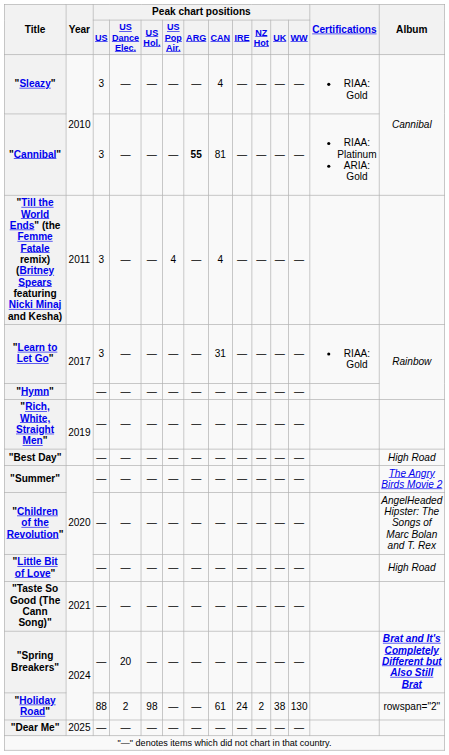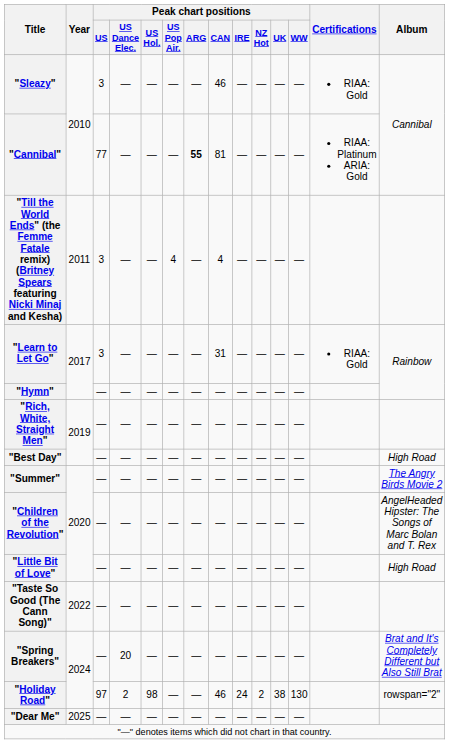 <table class="wikitable plainrowheaders" style="text-align:center;">
 <tr>
 <th scope="col" rowspan="2" style="width:16em;">Title</th>
 <th scope="col" rowspan="2">Year</th>
 <th scope="col" colspan="10">Peak chart positions</th>
 <th scope="col" rowspan="2" style="width:12em;"><a href='#'>Certifications</a></th>
 <th scope="col" rowspan="2">Album</th>
 </tr>
 <tr>
 <th scope="col" style="width:2.5em;font-size:90%;"><a href='#'>US</a><br></th>
 <th scope="col" style="width:2.5em;font-size:90%;"><a href='#'>US<br>Dance Elec.</a><br></th>
 <th scope="col" style="width:2.5em;font-size:90%;"><a href='#'>US<br>Hol.</a><br></th>
 <th scope="col" style="width:2.5em;font-size:90%;"><a href='#'>US<br>Pop Air.</a><br></th>
 <th scope="col" style="width:2.5em;font-size:90%;"><a href='#'>ARG</a><br></th>
 <th scope="col" style="width:2.5em;font-size:90%;"><a href='#'>CAN</a><br></th>
 <th scope="col" style="width:2.5em;font-size:90%;"><a href='#'>IRE</a><br></th>
 <th scope="col" style="width:2.5em;font-size:90%;"><a href='#'>NZ<br>Hot</a><br></th>
 <th scope="col" style="width:2.5em;font-size:90%;"><a href='#'>UK</a><br></th>
 <th scope="col" style="width:2.5em;font-size:90%;"><a href='#'>WW</a><br></th>
 </tr>
 <tr>
 <th scope="row">"<a href='#'>Sleazy</a>"</th>
 <td rowspan="2">2010</td>
 <td>3</td>
 <td>—</td>
 <td>—</td>
 <td>—</td>
 <td>—</td>
-<td>4</td>
+<td>46</td>
 <td>—</td>
 <td>—</td>
 <td>—</td>
 <td>—</td>
 <td><br><ul><li>RIAA: Gold</li></ul></td>
 <td rowspan="2"><em>Cannibal</em></td>
 </tr>
 <tr>
 <th scope="row">"<a href='#'>Cannibal</a>"</th>
-<td>3</td>
+<td>77</td>
 <td>—</td>
 <td>—</td>
 <td>—</td>
 <td><strong>55</strong></td>
 <td>81</td>
 <td>—</td>
 <td>—</td>
 <td>—</td>
 <td>—</td>
 <td><br><ul><li>RIAA: Platinum</li><li>ARIA: Gold</li></ul></td>
 </tr>
 <tr>
 <th scope="row">"<a href='#'>Till the World Ends</a>" (the <a href='#'>Femme Fatale</a> remix)<br><span>(<a href='#'>Britney Spears</a> featuring <a href='#'>Nicki Minaj</a> and Kesha)</span></th>
 <td>2011</td>
 <td>3</td>
 <td>—</td>
 <td>—</td>
 <td>4</td>
 <td>—</td>
 <td>4</td>
 <td>—</td>
 <td>—</td>
 <td>—</td>
 <td>—</td>
 <td></td>
 <td></td>
 </tr>
 <tr>
 <th scope="row">"<a href='#'>Learn to Let Go</a>"</th>
 <td rowspan="2">2017</td>
 <td>3</td>
 <td>—</td>
 <td>—</td>
 <td>—</td>
 <td>—</td>
 <td>31</td>
 <td>—</td>
 <td>—</td>
 <td>—</td>
 <td>—</td>
 <td><br><ul><li>RIAA: Gold</li></ul></td>
 <td rowspan="2"><em>Rainbow</em></td>
 </tr>
 <tr>
 <th scope="row">"<a href='#'>Hymn</a>"</th>
 <td>—</td>
 <td>—</td>
 <td>—</td>
 <td>—</td>
 <td>—</td>
 <td>—</td>
 <td>—</td>
 <td>—</td>
 <td>—</td>
 <td>—</td>
 <td></td>
 </tr>
 <tr>
 <th scope="row">"<a href='#'>Rich, White, Straight Men</a>"</th>
 <td rowspan="2">2019</td>
 <td>—</td>
 <td>—</td>
 <td>—</td>
 <td>—</td>
 <td>—</td>
 <td>—</td>
 <td>—</td>
 <td>—</td>
 <td>—</td>
 <td>—</td>
 <td></td>
 <td></td>
 </tr>
 <tr>
 <th scope="row">"Best Day"</th>
 <td>—</td>
 <td>—</td>
 <td>—</td>
 <td>—</td>
 <td>—</td>
 <td>—</td>
 <td>—</td>
 <td>—</td>
 <td>—</td>
 <td>—</td>
 <td></td>
 <td><em>High Road</em></td>
 </tr>
 <tr>
 <th scope="row">"Summer"</th>
 <td rowspan="3">2020</td>
 <td>—</td>
 <td>—</td>
 <td>—</td>
 <td>—</td>
 <td>—</td>
 <td>—</td>
 <td>—</td>
 <td>—</td>
 <td>—</td>
 <td>—</td>
 <td></td>
 <td><em><a href='#'>The Angry Birds Movie 2</a></em></td>
 </tr>
 <tr>
 <th scope="row">"<a href='#'>Children of the Revolution</a>"</th>
 <td>—</td>
 <td>—</td>
 <td>—</td>
 <td>—</td>
 <td>—</td>
 <td>—</td>
 <td>—</td>
 <td>—</td>
 <td>—</td>
 <td>—</td>
 <td></td>
 <td><em>AngelHeaded Hipster: The Songs of Marc Bolan and T. Rex</em></td>
 </tr>
 <tr>
 <th scope="row">"<a href='#'>Little Bit of Love</a>"</th>
 <td>—</td>
 <td>—</td>
 <td>—</td>
 <td>—</td>
 <td>—</td>
 <td>—</td>
 <td>—</td>
 <td>—</td>
 <td>—</td>
 <td>—</td>
 <td></td>
 <td><em>High Road</em></td>
 </tr>
 <tr>
 <th scope="row">"Taste So Good (The Cann Song)"<br></th>
-<td>2021</td>
+<td>2022</td>
 <td>—</td>
 <td>—</td>
 <td>—</td>
 <td>—</td>
 <td>—</td>
 <td>—</td>
 <td>—</td>
 <td>—</td>
 <td>—</td>
 <td>—</td>
 <td></td>
 <td></td>
 </tr>
 <tr>
 <th scope="row">"Spring Breakers"<br></th>
 <td rowspan="2">2024</td>
 <td>—</td>
 <td>20</td>
 <td>—</td>
 <td>—</td>
 <td>—</td>
 <td>—</td>
 <td>—</td>
 <td>—</td>
 <td>—</td>
 <td>—</td>
 <td></td>
-<td><strong><em><a href='#'>Brat and It's Completely Different but Also Still Brat</a></em></strong></td>
+<td><em><a href='#'>Brat and It's Completely Different but Also Still Brat</a></em></td>
 </tr>
 <tr>
 <th scope="row">"<a href='#'>Holiday Road</a>"</th>
-<td>88</td>
+<td>97</td>
 <td>2</td>
 <td>98</td>
 <td>—</td>
 <td>—</td>
-<td>61</td>
+<td>46</td>
 <td>24</td>
 <td>2</td>
 <td>38</td>
 <td>130</td>
 <td></td>
 <td>rowspan="2" </td>
 </tr>
 <tr>
 <th scope="row">"Dear Me"</th>
 <td>2025</td>
 <td>—</td>
 <td>—</td>
 <td>—</td>
 <td>—</td>
 <td>—</td>
 <td>—</td>
 <td>—</td>
 <td>—</td>
 <td>—</td>
 <td>—</td>
 <td></td>
 </tr>
 <tr>
 <td colspan="14" style="font-size:90%">"—" denotes items which did not chart in that country.</td>
 </tr>
 </table>
